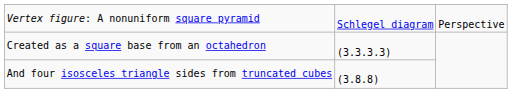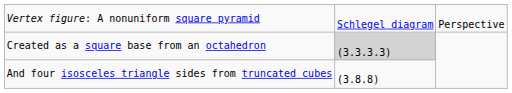 <table class=wikitable>
 <tr>
 <td><em>Vertex figure</em>: A nonuniform <a href='#'>square pyramid</a></td>
 <td><br><a href='#'>Schlegel diagram</a></td>
 <td><br>Perspective</td>
 </tr>
 <tr>
 <td>Created as a <a href='#'>square</a> base from an <a href='#'>octahedron</a></td>
-<td><br>(3.3.3.3)</td>
+<td style="background: lightgrey;"><br>(3.3.3.3)</td>
 </tr>
 <tr>
 <td>And four <a href='#'>isosceles triangle</a> sides from <a href='#'>truncated cubes</a></td>
 <td><br>(3.8.8)</td>
 </tr>
 </table>
